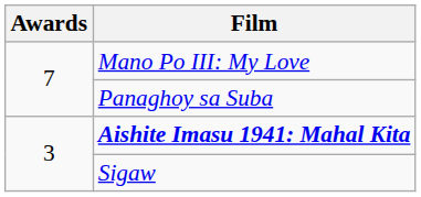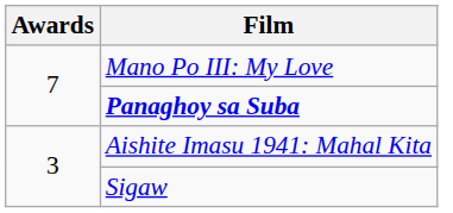 <table class="wikitable" style="text-align:center">
 <tr>
 <th scope="col">Awards</th>
 <th scope="col">Film</th>
 </tr>
 <tr>
 <td rowspan=2>7</td>
 <td align=left><em><a href='#'>Mano Po III: My Love</a></em></td>
 </tr>
 <tr>
-<td align=left><em><a href='#'>Panaghoy sa Suba</a></em></td>
+<td align=left><strong><em><a href='#'>Panaghoy sa Suba</a></em></strong></td>
 </tr>
 <tr>
 <td rowspan=2>3</td>
-<td align=left><strong><em><a href='#'>Aishite Imasu 1941: Mahal Kita</a></em></strong></td>
+<td align=left><em><a href='#'>Aishite Imasu 1941: Mahal Kita</a></em></td>
 </tr>
 <tr>
 <td align=left><em><a href='#'>Sigaw</a></em></td>
 </tr>
 </table>
